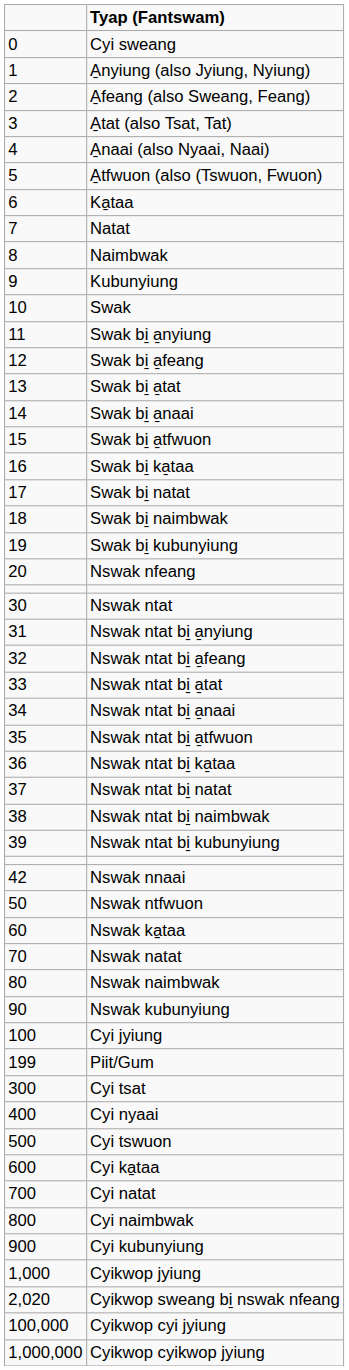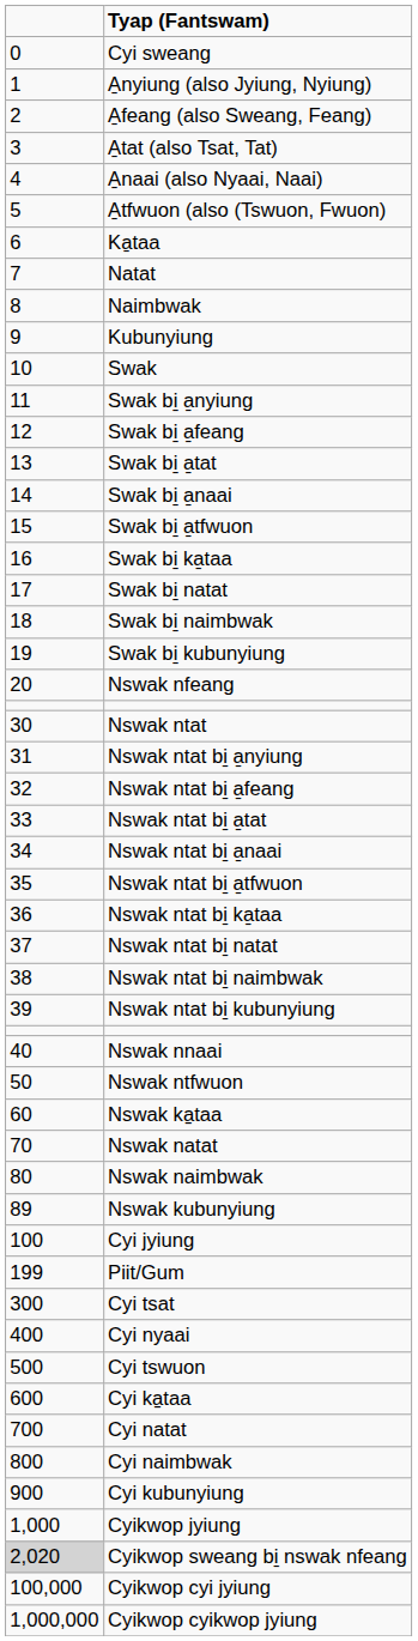 <table class="wikitable">
 <tr>
 <td></td>
 <td><strong>Tyap (Fantswam)</strong></td>
 </tr>
 <tr>
 <td>0</td>
 <td>Cyi sweanɡ</td>
 </tr>
 <tr>
 <td>1</td>
 <td>A̱nyiung (also Jyiung, Nyiung)</td>
 </tr>
 <tr>
 <td>2</td>
 <td>A̱feang (also Sweang, Feang)</td>
 </tr>
 <tr>
 <td>3</td>
 <td>A̱tat (also Tsat, Tat)</td>
 </tr>
 <tr>
 <td>4</td>
 <td>A̱naai (also Nyaai, Naai)</td>
 </tr>
 <tr>
 <td>5</td>
 <td>A̱tfwuon (also (Tswuon, Fwuon)</td>
 </tr>
 <tr>
 <td>6</td>
 <td>Ka̱taa</td>
 </tr>
 <tr>
 <td>7</td>
 <td>Natat</td>
 </tr>
 <tr>
 <td>8</td>
 <td>Naimbwak</td>
 </tr>
 <tr>
 <td>9</td>
 <td>Kubunyiunɡ</td>
 </tr>
 <tr>
 <td>10</td>
 <td>Swak</td>
 </tr>
 <tr>
 <td>11</td>
 <td>Swak bi̱ a̱nyiung</td>
 </tr>
 <tr>
 <td>12</td>
 <td>Swak bi̱ a̱feang</td>
 </tr>
 <tr>
 <td>13</td>
 <td>Swak bi̱ a̱tat</td>
 </tr>
 <tr>
 <td>14</td>
 <td>Swak bi̱ a̱naai</td>
 </tr>
 <tr>
 <td>15</td>
 <td>Swak bi̱ a̱tfwuon</td>
 </tr>
 <tr>
 <td>16</td>
 <td>Swak bi̱ ka̱taa</td>
 </tr>
 <tr>
 <td>17</td>
 <td>Swak bi̱ natat</td>
 </tr>
 <tr>
 <td>18</td>
 <td>Swak bi̱ naimbwak</td>
 </tr>
 <tr>
 <td>19</td>
 <td>Swak bi̱ kubunyiunɡ</td>
 </tr>
 <tr>
 <td>20</td>
 <td>Nswak nfeanɡ</td>
 </tr>
 <tr>
 <td></td>
 <td></td>
 </tr>
 <tr>
 <td>30</td>
 <td>Nswak ntat</td>
 </tr>
 <tr>
 <td>31</td>
 <td>Nswak ntat bi̱ a̱nyiung</td>
 </tr>
 <tr>
 <td>32</td>
 <td>Nswak ntat bi̱ a̱feang</td>
 </tr>
 <tr>
 <td>33</td>
 <td>Nswak ntat bi̱ a̱tat</td>
 </tr>
 <tr>
 <td>34</td>
 <td>Nswak ntat bi̱ a̱naai</td>
 </tr>
 <tr>
 <td>35</td>
 <td>Nswak ntat bi̱ a̱tfwuon</td>
 </tr>
 <tr>
 <td>36</td>
 <td>Nswak ntat bi̱ ka̱taa</td>
 </tr>
 <tr>
 <td>37</td>
 <td>Nswak ntat bi̱ natat</td>
 </tr>
 <tr>
 <td>38</td>
 <td>Nswak ntat bi̱ naimbwak</td>
 </tr>
 <tr>
 <td>39</td>
 <td>Nswak ntat bi̱ kubunyiunɡ</td>
 </tr>
 <tr>
 <td></td>
 <td></td>
 </tr>
 <tr>
-<td>42</td>
+<td>40</td>
 <td>Nswak nnaai</td>
 </tr>
 <tr>
 <td>50</td>
 <td>Nswak ntfwuon</td>
 </tr>
 <tr>
 <td>60</td>
 <td>Nswak ka̠taa</td>
 </tr>
 <tr>
 <td>70</td>
 <td>Nswak natat</td>
 </tr>
 <tr>
 <td>80</td>
 <td>Nswak naimbwak</td>
 </tr>
 <tr>
-<td>90</td>
+<td>89</td>
 <td>Nswak kubunyiunɡ</td>
 </tr>
 <tr>
 <td>100</td>
 <td>Cyi jyiunɡ</td>
 </tr>
 <tr>
 <td>199</td>
 <td>Piit/Gum</td>
 </tr>
 <tr>
 <td>300</td>
 <td>Cyi tsat</td>
 </tr>
 <tr>
 <td>400</td>
 <td>Cyi nyaai</td>
 </tr>
 <tr>
 <td>500</td>
 <td>Cyi tswuon</td>
 </tr>
 <tr>
 <td>600</td>
 <td>Cyi ka̠taa</td>
 </tr>
 <tr>
 <td>700</td>
 <td>Cyi natat</td>
 </tr>
 <tr>
 <td>800</td>
 <td>Cyi naimbwak</td>
 </tr>
 <tr>
 <td>900</td>
 <td>Cyi kubunyiunɡ</td>
 </tr>
 <tr>
 <td>1,000</td>
 <td>Cyikwop jyiunɡ</td>
 </tr>
 <tr>
-<td>2,020</td>
+<td style="background: lightgrey;">2,020</td>
 <td>Cyikwop sweanɡ bi̱ nswak nfeanɡ</td>
 </tr>
 <tr>
 <td>100,000</td>
 <td>Cyikwop cyi jyiunɡ</td>
 </tr>
 <tr>
 <td>1,000,000</td>
 <td>Cyikwop cyikwop jyiunɡ</td>
 </tr>
 </table>
